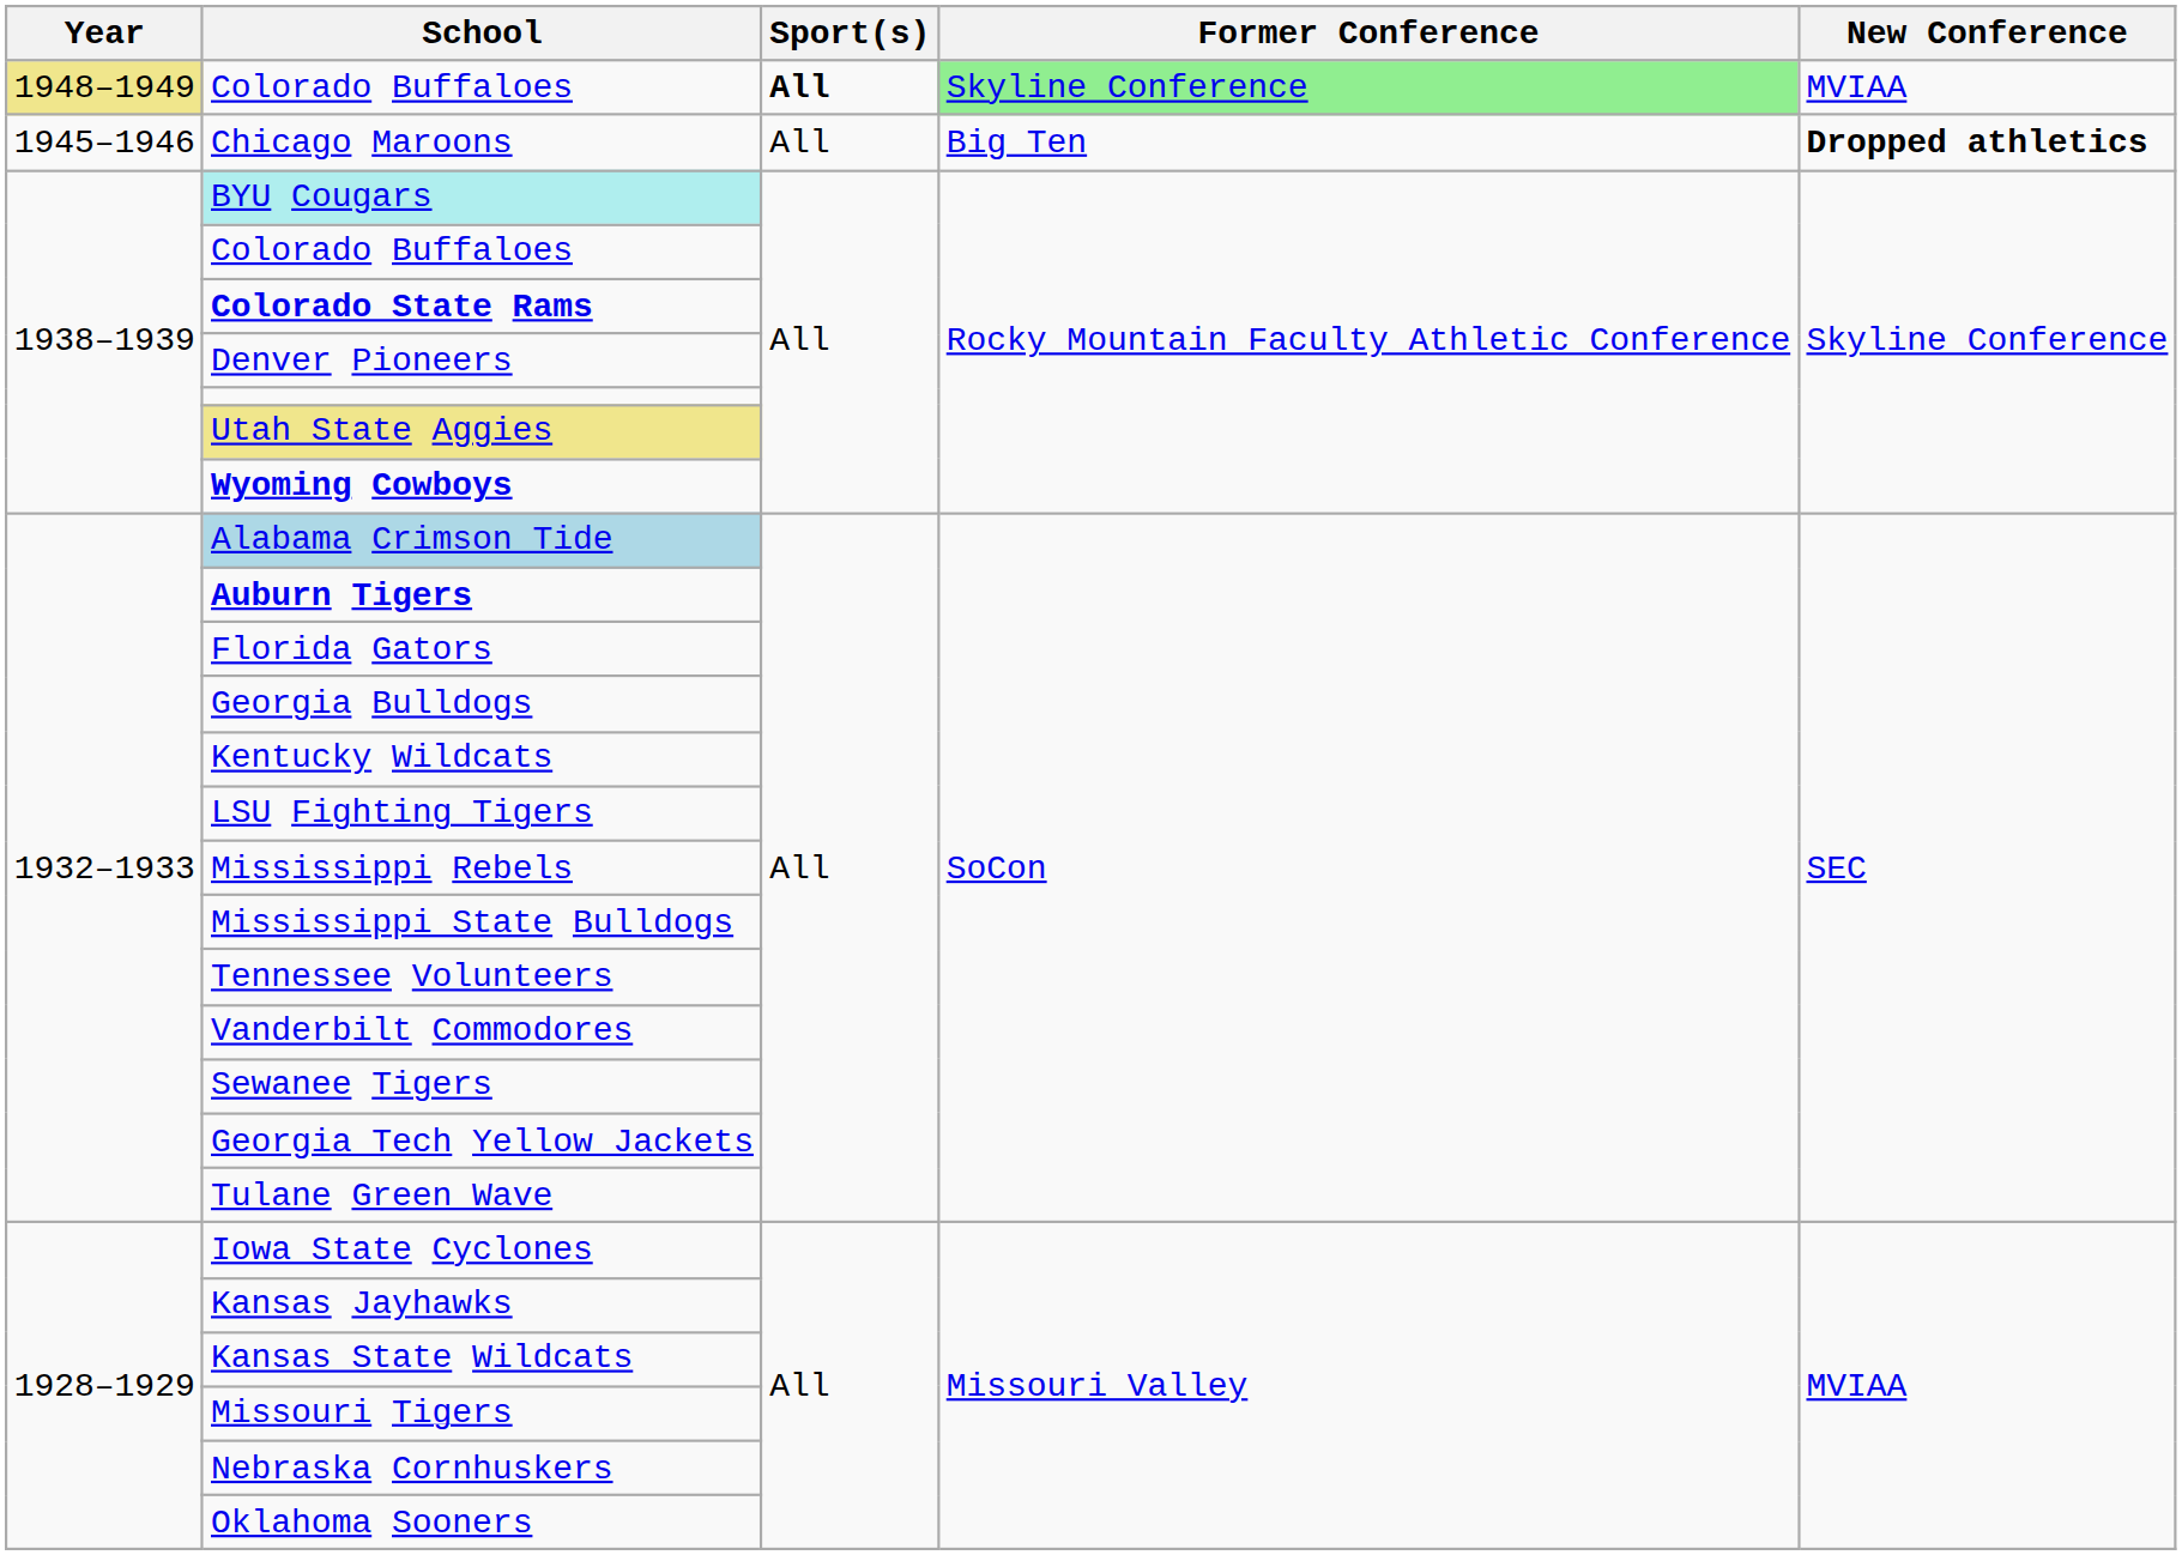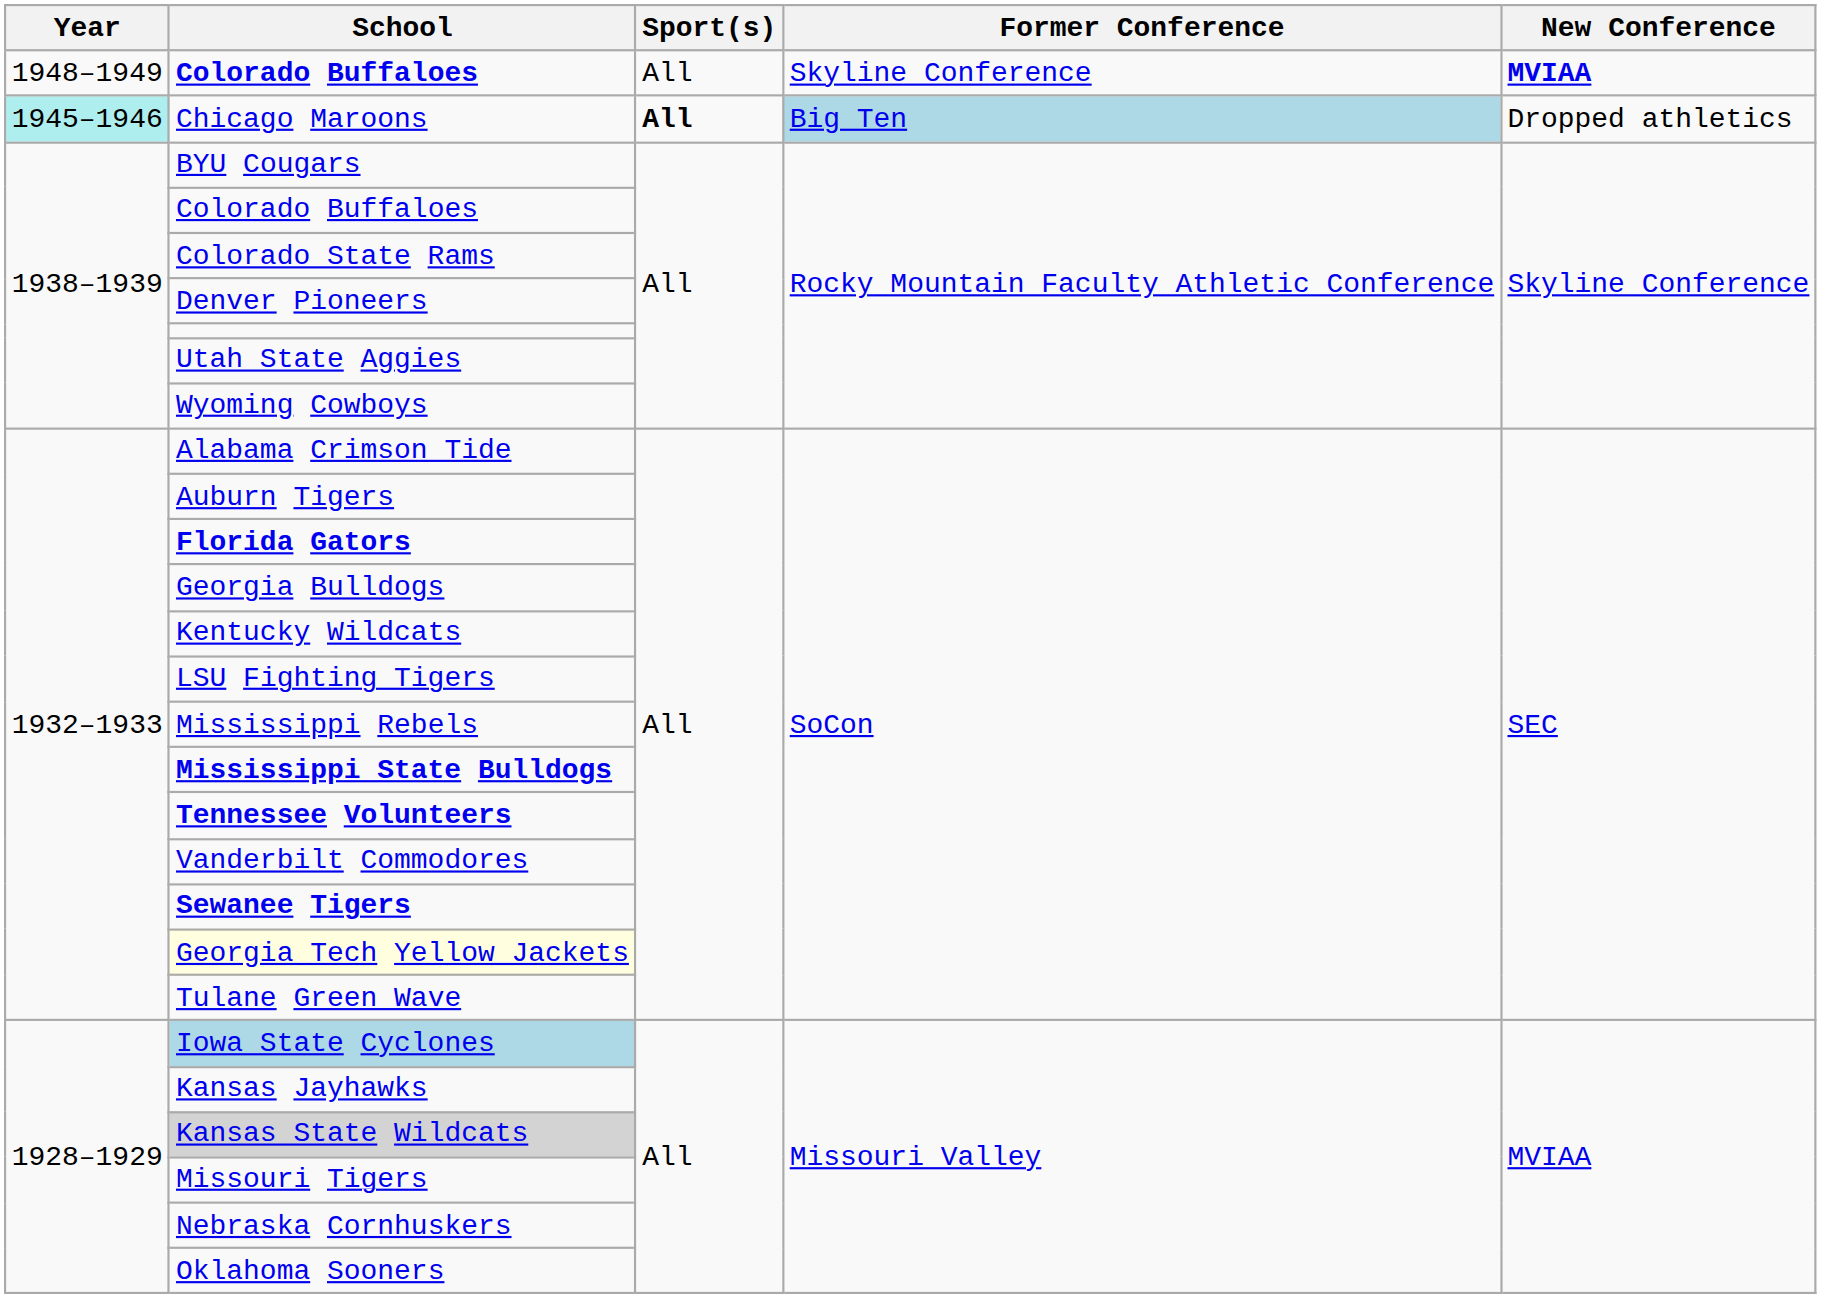 <table class="wikitable">
 <tr>
 <th>Year</th>
 <th>School</th>
 <th>Sport(s)</th>
 <th>Former Conference</th>
 <th>New Conference</th>
 </tr>
 <tr>
-<td style="background: khaki;">1948–1949</td>
-<td><a href='#'>Colorado</a> <a href='#'>Buffaloes</a></td>
-<td><strong>All</strong></td>
-<td style="background: lightgreen;"><a href='#'>Skyline Conference</a></td>
-<td><a href='#'>MVIAA</a></td>
+<td>1948–1949</td>
+<td><strong><a href='#'>Colorado</a> <a href='#'>Buffaloes</a></strong></td>
+<td>All</td>
+<td><a href='#'>Skyline Conference</a></td>
+<td><strong><a href='#'>MVIAA</a></strong></td>
 </tr>
 <tr>
-<td>1945–1946</td>
+<td style="background: paleturquoise;">1945–1946</td>
 <td><a href='#'>Chicago</a> <a href='#'>Maroons</a></td>
-<td>All</td>
-<td><a href='#'>Big Ten</a></td>
-<td><strong>Dropped athletics</strong></td>
+<td><strong>All</strong></td>
+<td style="background: lightblue;"><a href='#'>Big Ten</a></td>
+<td>Dropped athletics</td>
 </tr>
 <tr>
 <td rowspan="7">1938–1939</td>
-<td style="background: paleturquoise;"><a href='#'>BYU</a> <a href='#'>Cougars</a></td>
+<td><a href='#'>BYU</a> <a href='#'>Cougars</a></td>
 <td rowspan="7">All</td>
 <td rowspan="7"><a href='#'>Rocky Mountain Faculty Athletic Conference</a></td>
 <td rowspan="7"><a href='#'>Skyline Conference</a></td>
 </tr>
 <tr>
 <td><a href='#'>Colorado</a> <a href='#'>Buffaloes</a></td>
 </tr>
 <tr>
-<td><strong><a href='#'>Colorado State</a> <a href='#'>Rams</a></strong></td>
+<td><a href='#'>Colorado State</a> <a href='#'>Rams</a></td>
 </tr>
 <tr>
 <td><a href='#'>Denver</a> <a href='#'>Pioneers</a></td>
 </tr>
 <tr>
 <td></td>
 </tr>
 <tr>
-<td style="background: khaki;"><a href='#'>Utah State</a> <a href='#'>Aggies</a></td>
+<td><a href='#'>Utah State</a> <a href='#'>Aggies</a></td>
 </tr>
 <tr>
-<td><strong><a href='#'>Wyoming</a> <a href='#'>Cowboys</a></strong></td>
+<td><a href='#'>Wyoming</a> <a href='#'>Cowboys</a></td>
 </tr>
 <tr>
 <td rowspan="13">1932–1933</td>
-<td style="background: lightblue;"><a href='#'>Alabama</a> <a href='#'>Crimson Tide</a></td>
+<td><a href='#'>Alabama</a> <a href='#'>Crimson Tide</a></td>
 <td rowspan="13">All</td>
 <td rowspan="13"><a href='#'>SoCon</a></td>
 <td rowspan="13"><a href='#'>SEC</a></td>
 </tr>
 <tr>
-<td><strong><a href='#'>Auburn</a> <a href='#'>Tigers</a></strong></td>
+<td><a href='#'>Auburn</a> <a href='#'>Tigers</a></td>
 </tr>
 <tr>
-<td><a href='#'>Florida</a> <a href='#'>Gators</a></td>
+<td><strong><a href='#'>Florida</a> <a href='#'>Gators</a></strong></td>
 </tr>
 <tr>
 <td><a href='#'>Georgia</a> <a href='#'>Bulldogs</a></td>
 </tr>
 <tr>
 <td><a href='#'>Kentucky</a> <a href='#'>Wildcats</a></td>
 </tr>
 <tr>
 <td><a href='#'>LSU</a> <a href='#'>Fighting Tigers</a></td>
 </tr>
 <tr>
 <td><a href='#'>Mississippi</a> <a href='#'>Rebels</a></td>
 </tr>
 <tr>
-<td><a href='#'>Mississippi State</a> <a href='#'>Bulldogs</a></td>
+<td><strong><a href='#'>Mississippi State</a> <a href='#'>Bulldogs</a></strong></td>
 </tr>
 <tr>
-<td><a href='#'>Tennessee</a> <a href='#'>Volunteers</a></td>
+<td><strong><a href='#'>Tennessee</a> <a href='#'>Volunteers</a></strong></td>
 </tr>
 <tr>
 <td><a href='#'>Vanderbilt</a> <a href='#'>Commodores</a></td>
 </tr>
 <tr>
-<td><a href='#'>Sewanee</a> <a href='#'>Tigers</a></td>
+<td><strong><a href='#'>Sewanee</a> <a href='#'>Tigers</a></strong></td>
 </tr>
 <tr>
-<td><a href='#'>Georgia Tech</a> <a href='#'>Yellow Jackets</a></td>
+<td style="background: lightyellow;"><a href='#'>Georgia Tech</a> <a href='#'>Yellow Jackets</a></td>
 </tr>
 <tr>
 <td><a href='#'>Tulane</a> <a href='#'>Green Wave</a></td>
 </tr>
 <tr>
 <td rowspan="6">1928–1929</td>
-<td><a href='#'>Iowa State</a> <a href='#'>Cyclones</a></td>
+<td style="background: lightblue;"><a href='#'>Iowa State</a> <a href='#'>Cyclones</a></td>
 <td rowspan="6">All</td>
 <td rowspan="6"><a href='#'>Missouri Valley</a></td>
 <td rowspan="6"><a href='#'>MVIAA</a></td>
 </tr>
 <tr>
 <td><a href='#'>Kansas</a> <a href='#'>Jayhawks</a></td>
 </tr>
 <tr>
-<td><a href='#'>Kansas State</a> <a href='#'>Wildcats</a></td>
+<td style="background: lightgrey;"><a href='#'>Kansas State</a> <a href='#'>Wildcats</a></td>
 </tr>
 <tr>
 <td><a href='#'>Missouri</a> <a href='#'>Tigers</a></td>
 </tr>
 <tr>
 <td><a href='#'>Nebraska</a> <a href='#'>Cornhuskers</a></td>
 </tr>
 <tr>
 <td><a href='#'>Oklahoma</a> <a href='#'>Sooners</a></td>
 </tr>
 </table>
